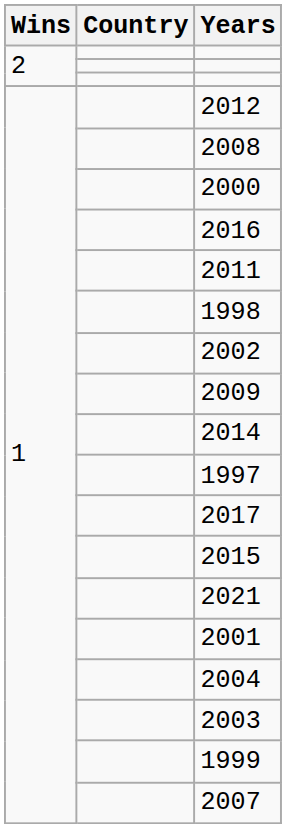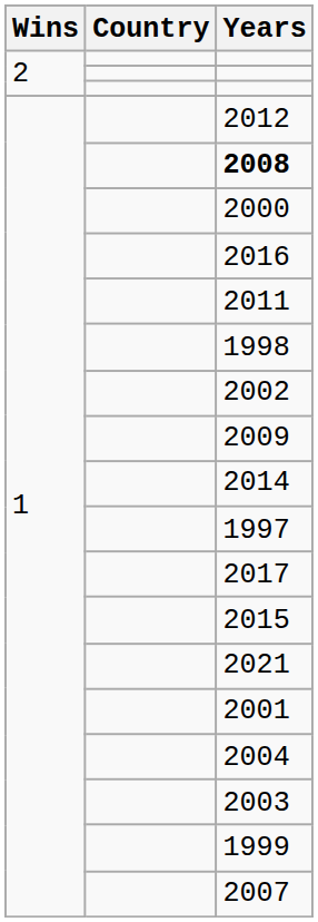 <table class="wikitable sortable plainrowheaders">
 <tr>
 <th scope="col">Wins</th>
 <th scope="col">Country</th>
 <th scope="col">Years</th>
 </tr>
 <tr>
 <td rowspan="3">2</td>
 <td></td>
 <td></td>
 </tr>
 <tr>
 <td></td>
 <td></td>
 </tr>
 <tr>
 <td></td>
 <td></td>
 </tr>
 <tr>
 <td rowspan="19">1</td>
 <td></td>
 <td>2012</td>
 </tr>
 <tr>
 <td></td>
-<td>2008</td>
+<td><strong>2008</strong></td>
 </tr>
 <tr>
 <td></td>
 <td>2000</td>
 </tr>
 <tr>
 <td></td>
 <td>2016</td>
 </tr>
 <tr>
 <td></td>
 <td>2011</td>
 </tr>
 <tr>
 <td></td>
 <td>1998</td>
 </tr>
 <tr>
 <td></td>
 <td>2002</td>
 </tr>
 <tr>
 <td></td>
 <td>2009</td>
 </tr>
 <tr>
 <td></td>
 <td>2014</td>
 </tr>
 <tr>
 <td></td>
 <td>1997</td>
 </tr>
 <tr>
 <td></td>
 <td>2017</td>
 </tr>
 <tr>
 <td></td>
 <td>2015</td>
 </tr>
 <tr>
 <td></td>
 <td>2021</td>
 </tr>
 <tr>
 <td></td>
 <td>2001</td>
 </tr>
 <tr>
 <td></td>
 <td>2004</td>
 </tr>
 <tr>
 <td></td>
 <td>2003</td>
 </tr>
 <tr>
 <td></td>
 <td>1999</td>
 </tr>
 <tr>
 <td></td>
 <td>2007</td>
 </tr>
 </table>
